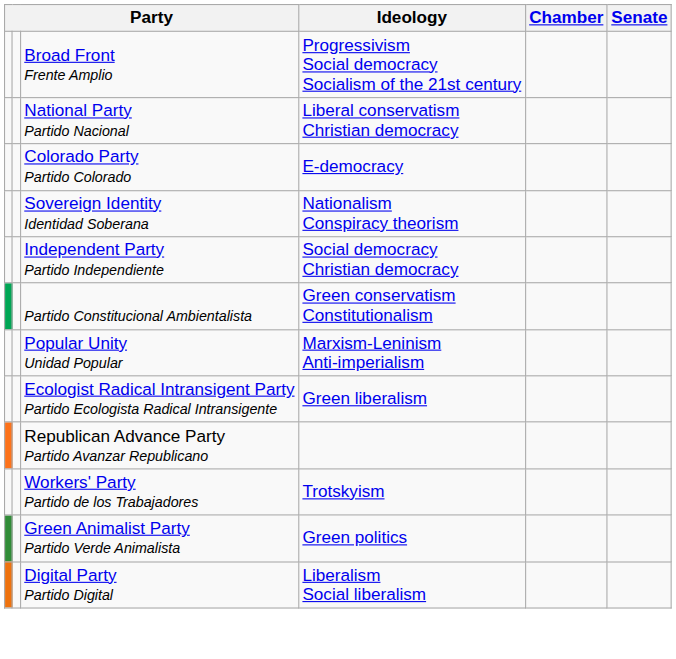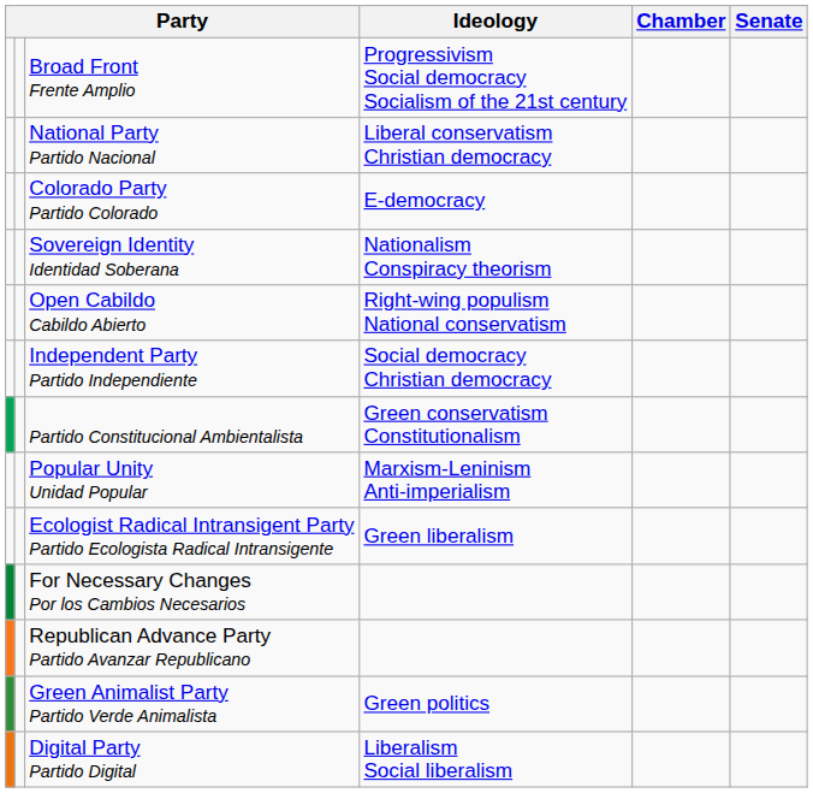 <table class=wikitable>
 <tr>
 <th colspan="3">Party</th>
 <th>Ideology</th>
 <th><a href='#'>Chamber</a></th>
 <th><a href='#'>Senate</a></th>
 </tr>
 <tr>
 <td style="background:"></td>
 <td></td>
 <td><a href='#'>Broad Front</a><br><small><em>Frente Amplio</em></small></td>
 <td><a href='#'>Progressivism</a><br><a href='#'>Social democracy</a><br><a href='#'>Socialism of the 21st century</a></td>
 <td></td>
 <td></td>
 </tr>
 <tr>
 <td style="background:"></td>
 <td></td>
 <td><a href='#'>National Party</a><br><small><em>Partido Nacional</em></small></td>
 <td><a href='#'>Liberal conservatism</a><br><a href='#'>Christian democracy</a></td>
 <td></td>
 <td></td>
 </tr>
 <tr>
 <td style="background:"></td>
 <td></td>
 <td><a href='#'>Colorado Party</a><br><small><em>Partido Colorado</em></small></td>
 <td><a href='#'>E-democracy</a></td>
 <td></td>
 <td></td>
 </tr>
 <tr>
 <td style="background:"></td>
 <td></td>
 <td><a href='#'>Sovereign Identity</a><br><small><em>Identidad Soberana</em></small></td>
 <td><a href='#'>Nationalism</a><br><a href='#'>Conspiracy theorism</a></td>
 <td></td>
 <td></td>
 </tr>
 <tr>
 <td style="background:"></td>
 <td></td>
+<td><a href='#'>Open Cabildo</a><br><small><em>Cabildo Abierto</em></small></td>
+<td><a href='#'>Right-wing populism</a><br><a href='#'>National conservatism</a></td>
+<td></td>
+<td></td>
+</tr>
+<tr>
+<td style="background:"></td>
+<td></td>
 <td><a href='#'>Independent Party</a><br><small><em>Partido Independiente</em></small></td>
 <td><a href='#'>Social democracy</a><br><a href='#'>Christian democracy</a></td>
 <td></td>
 <td></td>
 </tr>
 <tr>
 <td style="background:#00a655"></td>
 <td></td>
 <td><br><small><em>Partido Constitucional Ambientalista</em></small></td>
 <td><a href='#'>Green conservatism</a><br><a href='#'>Constitutionalism</a></td>
 <td></td>
 <td></td>
 </tr>
 <tr>
 <td style="background:"></td>
 <td></td>
 <td><a href='#'>Popular Unity</a><br><small><em>Unidad Popular</em></small></td>
 <td><a href='#'>Marxism-Leninism</a><br><a href='#'>Anti-imperialism</a></td>
 <td></td>
 <td></td>
 </tr>
 <tr>
 <td style="background:"></td>
 <td></td>
 <td><a href='#'>Ecologist Radical Intransigent Party</a><br><small><em>Partido Ecologista Radical Intransigente</em></small></td>
 <td><a href='#'>Green liberalism</a></td>
 <td></td>
 <td></td>
 </tr>
 <tr>
-<td style="background:#fd731b"></td>
+<td style="background:#008536"></td>
 <td></td>
-<td>Republican Advance Party<br><small><em>Partido Avanzar Republicano</em></small></td>
+<td>For Necessary Changes<br><small><em>Por los Cambios Necesarios</em></small></td>
 <td></td>
 <td></td>
 <td></td>
 </tr>
 <tr>
-<td style="background:"></td>
+<td style="background:#fd731b"></td>
 <td></td>
-<td><a href='#'>Workers' Party</a><br><small><em>Partido de los Trabajadores</em></small></td>
-<td><a href='#'>Trotskyism</a></td>
+<td>Republican Advance Party<br><small><em>Partido Avanzar Republicano</em></small></td>
+<td></td>
 <td></td>
 <td></td>
 </tr>
 <tr>
 <td style="background:#318C38"></td>
 <td></td>
 <td><a href='#'>Green Animalist Party</a><br><small><em>Partido Verde Animalista</em></small></td>
 <td><a href='#'>Green politics</a></td>
 <td></td>
 <td></td>
 </tr>
 <tr>
 <td style="background:#EE720E"></td>
 <td></td>
 <td><a href='#'>Digital Party</a><br><small><em>Partido Digital</em></small></td>
 <td><a href='#'>Liberalism</a><br><a href='#'>Social liberalism</a></td>
 <td></td>
 <td></td>
 </tr>
 </table>
